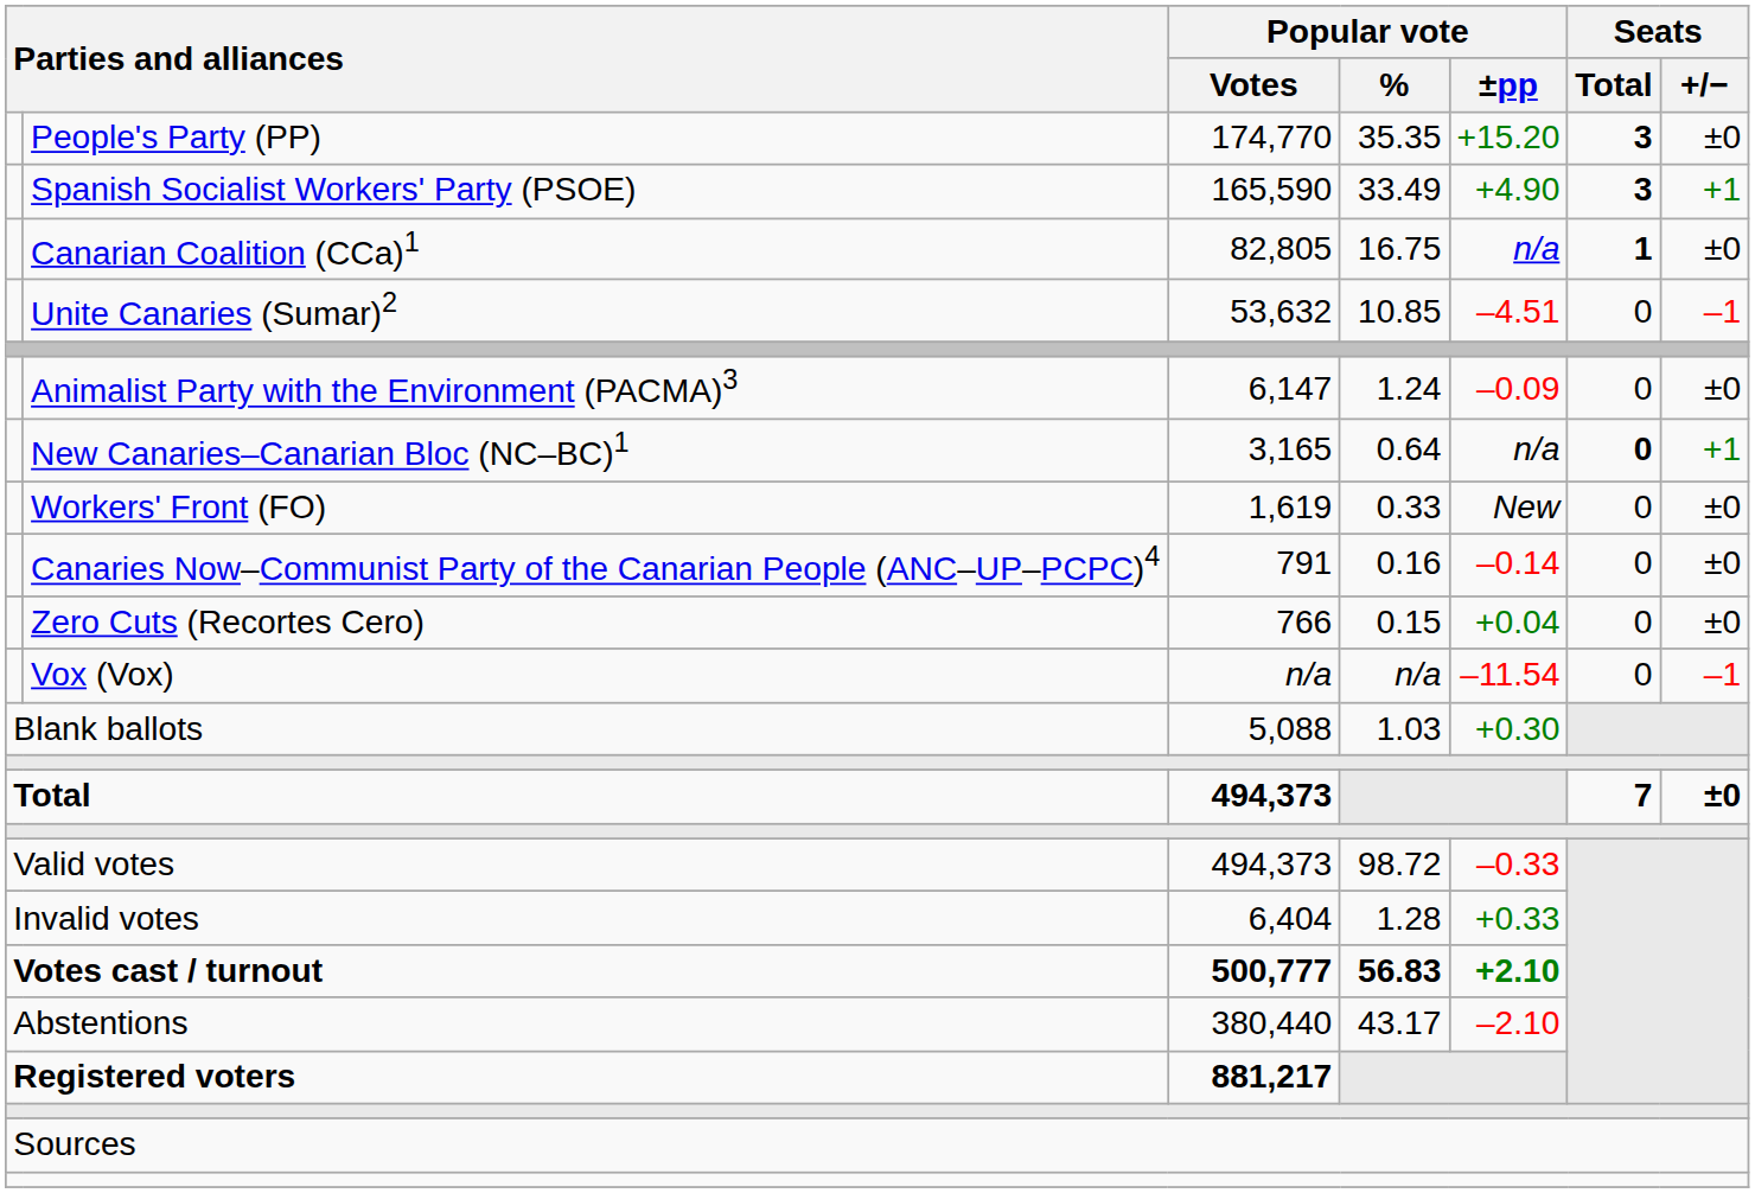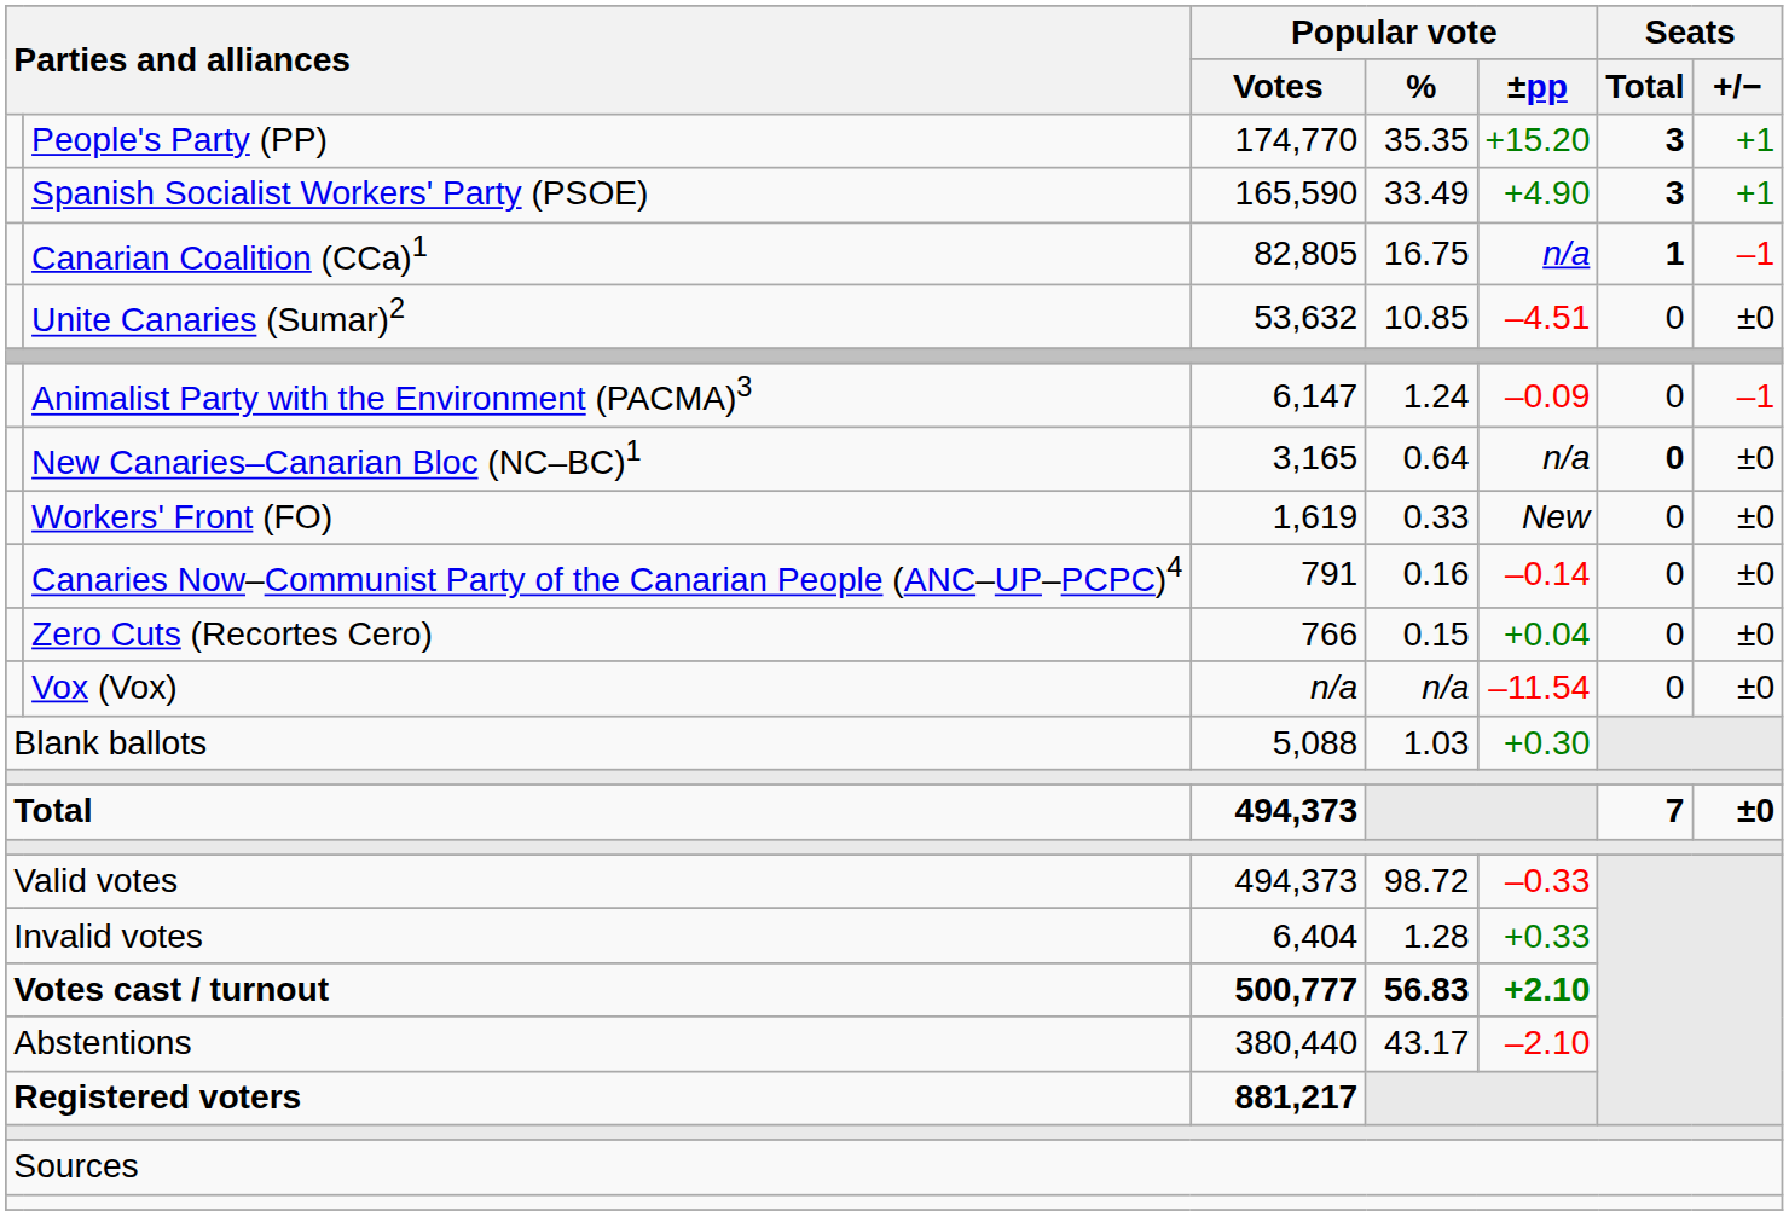 <table class="wikitable" style="text-align:right;">
 <tr>
 <th style="text-align:left;" rowspan="2" colspan="2" width="525">Parties and alliances</th>
 <th colspan="3">Popular vote</th>
 <th colspan="2">Seats</th>
 </tr>
 <tr>
 <th width="75">Votes</th>
 <th width="45">%</th>
 <th width="45">±<a href='#'>pp</a></th>
 <th width="35">Total</th>
 <th width="35">+/−</th>
 </tr>
 <tr>
 <td width="1" style="color:inherit;background:"></td>
 <td align="left"><a href='#'>People's Party</a> (PP)</td>
 <td>174,770</td>
 <td>35.35</td>
 <td style="color:green;">+15.20</td>
 <td><strong>3</strong></td>
-<td>±0</td>
+<td style="color:green;">+1</td>
 </tr>
 <tr>
 <td style="color:inherit;background:"></td>
 <td align="left"><a href='#'>Spanish Socialist Workers' Party</a> (PSOE)</td>
 <td>165,590</td>
 <td>33.49</td>
 <td style="color:green;">+4.90</td>
 <td><strong>3</strong></td>
 <td style="color:green;">+1</td>
 </tr>
 <tr>
 <td style="color:inherit;background:"></td>
 <td align="left"><a href='#'>Canarian Coalition</a> (CCa)<sup>1</sup></td>
 <td>82,805</td>
 <td>16.75</td>
 <td><em><a href='#'>n/a</a></em></td>
 <td><strong>1</strong></td>
-<td>±0</td>
+<td style="color:red;">–1</td>
 </tr>
 <tr>
 <td style="color:inherit;background:"></td>
 <td align="left"><a href='#'>Unite Canaries</a> (Sumar)<sup>2</sup></td>
 <td>53,632</td>
 <td>10.85</td>
 <td style="color:red;">–4.51</td>
 <td>0</td>
-<td style="color:red;">–1</td>
+<td>±0</td>
 </tr>
 <tr>
 <td colspan="7" bgcolor="#C0C0C0"></td>
 </tr>
 <tr>
 <td style="color:inherit;background:"></td>
 <td align="left"><a href='#'>Animalist Party with the Environment</a> (PACMA)<sup>3</sup></td>
 <td>6,147</td>
 <td>1.24</td>
 <td style="color:red;">–0.09</td>
 <td>0</td>
-<td>±0</td>
+<td style="color:red;">–1</td>
 </tr>
 <tr>
 <td style="color:inherit;background:"></td>
 <td align="left"><a href='#'>New Canaries–Canarian Bloc</a> (NC–BC)<sup>1</sup></td>
 <td>3,165</td>
 <td>0.64</td>
 <td><em>n/a</em></td>
 <td><strong>0</strong></td>
-<td style="color:green;">+1</td>
+<td>±0</td>
 </tr>
 <tr>
 <td style="color:inherit;background:"></td>
 <td align="left"><a href='#'>Workers' Front</a> (FO)</td>
 <td>1,619</td>
 <td>0.33</td>
 <td><em>New</em></td>
 <td>0</td>
 <td>±0</td>
 </tr>
 <tr>
 <td style="color:inherit;background:"></td>
 <td align="left"><a href='#'>Canaries Now</a>–<a href='#'>Communist Party of the Canarian People</a> (<a href='#'>ANC</a>–<a href='#'>UP</a>–<a href='#'>PCPC</a>)<sup>4</sup></td>
 <td>791</td>
 <td>0.16</td>
 <td style="color:red;">–0.14</td>
 <td>0</td>
 <td>±0</td>
 </tr>
 <tr>
 <td style="color:inherit;background:"></td>
 <td align="left"><a href='#'>Zero Cuts</a> (Recortes Cero)</td>
 <td>766</td>
 <td>0.15</td>
 <td style="color:green;">+0.04</td>
 <td>0</td>
 <td>±0</td>
 </tr>
 <tr>
 <td style="color:inherit;background:"></td>
 <td align="left"><a href='#'>Vox</a> (Vox)</td>
 <td><em>n/a</em></td>
 <td><em>n/a</em></td>
 <td style="color:red;">–11.54</td>
 <td>0</td>
-<td style="color:red;">–1</td>
+<td>±0</td>
 </tr>
 <tr>
 <td align="left" colspan="2">Blank ballots</td>
 <td>5,088</td>
 <td>1.03</td>
 <td style="color:green;">+0.30</td>
 <td bgcolor="#E9E9E9" colspan="2"></td>
 </tr>
 <tr>
 <td colspan="7" bgcolor="#E9E9E9"></td>
 </tr>
 <tr style="font-weight:bold;">
 <td align="left" colspan="2">Total</td>
 <td>494,373</td>
 <td bgcolor="#E9E9E9" colspan="2"></td>
 <td>7</td>
 <td>±0</td>
 </tr>
 <tr>
 <td colspan="7" bgcolor="#E9E9E9"></td>
 </tr>
 <tr>
 <td align="left" colspan="2">Valid votes</td>
 <td>494,373</td>
 <td>98.72</td>
 <td style="color:red;">–0.33</td>
 <td bgcolor="#E9E9E9" colspan="2" rowspan="5"></td>
 </tr>
 <tr>
 <td align="left" colspan="2">Invalid votes</td>
 <td>6,404</td>
 <td>1.28</td>
 <td style="color:green;">+0.33</td>
 </tr>
 <tr style="font-weight:bold;">
 <td align="left" colspan="2">Votes cast / turnout</td>
 <td>500,777</td>
 <td>56.83</td>
 <td style="color:green;">+2.10</td>
 </tr>
 <tr>
 <td align="left" colspan="2">Abstentions</td>
 <td>380,440</td>
 <td>43.17</td>
 <td style="color:red;">–2.10</td>
 </tr>
 <tr style="font-weight:bold;">
 <td align="left" colspan="2">Registered voters</td>
 <td>881,217</td>
 <td bgcolor="#E9E9E9" colspan="2"></td>
 </tr>
 <tr>
 <td colspan="7" bgcolor="#E9E9E9"></td>
 </tr>
 <tr>
 <td align="left" colspan="7">Sources</td>
 </tr>
 <tr>
 <td colspan="7" style="text-align:left; max-width:790px;"></td>
 </tr>
 </table>
